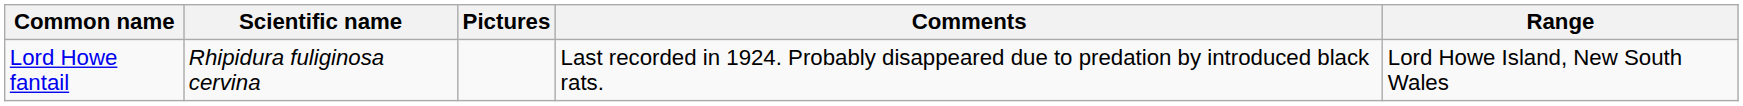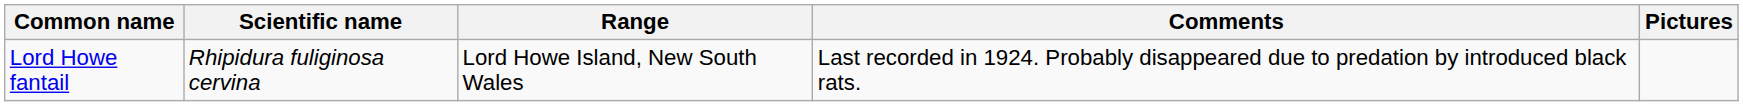 <table class="wikitable">
 <tr>
 <th>Common name</th>
 <th>Scientific name</th>
+<th>Range</th>
+<th class="unsortable">Comments</th>
 <th class="unsortable">Pictures</th>
-<th class="unsortable">Comments</th>
-<th>Range</th>
 </tr>
 <tr>
 <td><a href='#'>Lord Howe fantail</a></td>
 <td><em>Rhipidura fuliginosa cervina</em></td>
+<td>Lord Howe Island, New South Wales</td>
+<td>Last recorded in 1924. Probably disappeared due to predation by introduced black rats.</td>
 <td></td>
-<td>Last recorded in 1924. Probably disappeared due to predation by introduced black rats.</td>
-<td>Lord Howe Island, New South Wales</td>
 </tr>
 </table>
